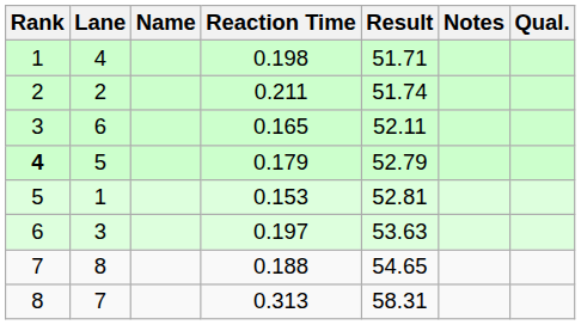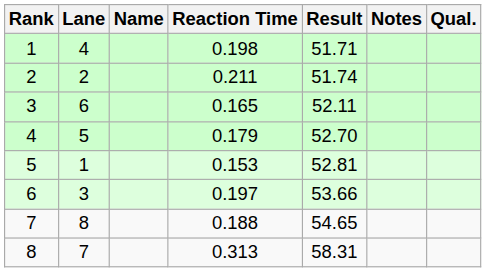 <table class="wikitable sortable" style="text-align:center">
 <tr>
 <th>Rank</th>
 <th>Lane</th>
 <th>Name</th>
 <th>Reaction Time</th>
 <th>Result</th>
 <th>Notes</th>
 <th>Qual.</th>
 </tr>
 <tr bgcolor=ccffcc>
 <td>1</td>
 <td>4</td>
 <td align="left"></td>
 <td>0.198</td>
 <td>51.71</td>
 <td></td>
 <td></td>
 </tr>
 <tr bgcolor=ccffcc>
 <td>2</td>
 <td>2</td>
 <td align="left"></td>
 <td>0.211</td>
 <td>51.74</td>
 <td></td>
 <td></td>
 </tr>
 <tr bgcolor=ccffcc>
 <td>3</td>
 <td>6</td>
 <td align="left"></td>
 <td>0.165</td>
 <td>52.11</td>
 <td></td>
 <td></td>
 </tr>
 <tr bgcolor=ccffcc>
-<td><strong>4</strong></td>
+<td>4</td>
 <td>5</td>
 <td align="left"></td>
 <td>0.179</td>
-<td>52.79</td>
+<td>52.70</td>
 <td></td>
 <td></td>
 </tr>
 <tr bgcolor=ddffdd>
 <td>5</td>
 <td>1</td>
 <td align="left"></td>
 <td>0.153</td>
 <td>52.81</td>
 <td></td>
 <td></td>
 </tr>
 <tr bgcolor=ddffdd>
 <td>6</td>
 <td>3</td>
 <td align="left"></td>
 <td>0.197</td>
-<td>53.63</td>
+<td>53.66</td>
 <td></td>
 <td></td>
 </tr>
 <tr>
 <td>7</td>
 <td>8</td>
 <td align="left"></td>
 <td>0.188</td>
 <td>54.65</td>
 <td></td>
 <td></td>
 </tr>
 <tr>
 <td>8</td>
 <td>7</td>
 <td align="left"></td>
 <td>0.313</td>
 <td>58.31</td>
 <td></td>
 <td></td>
 </tr>
 </table>
